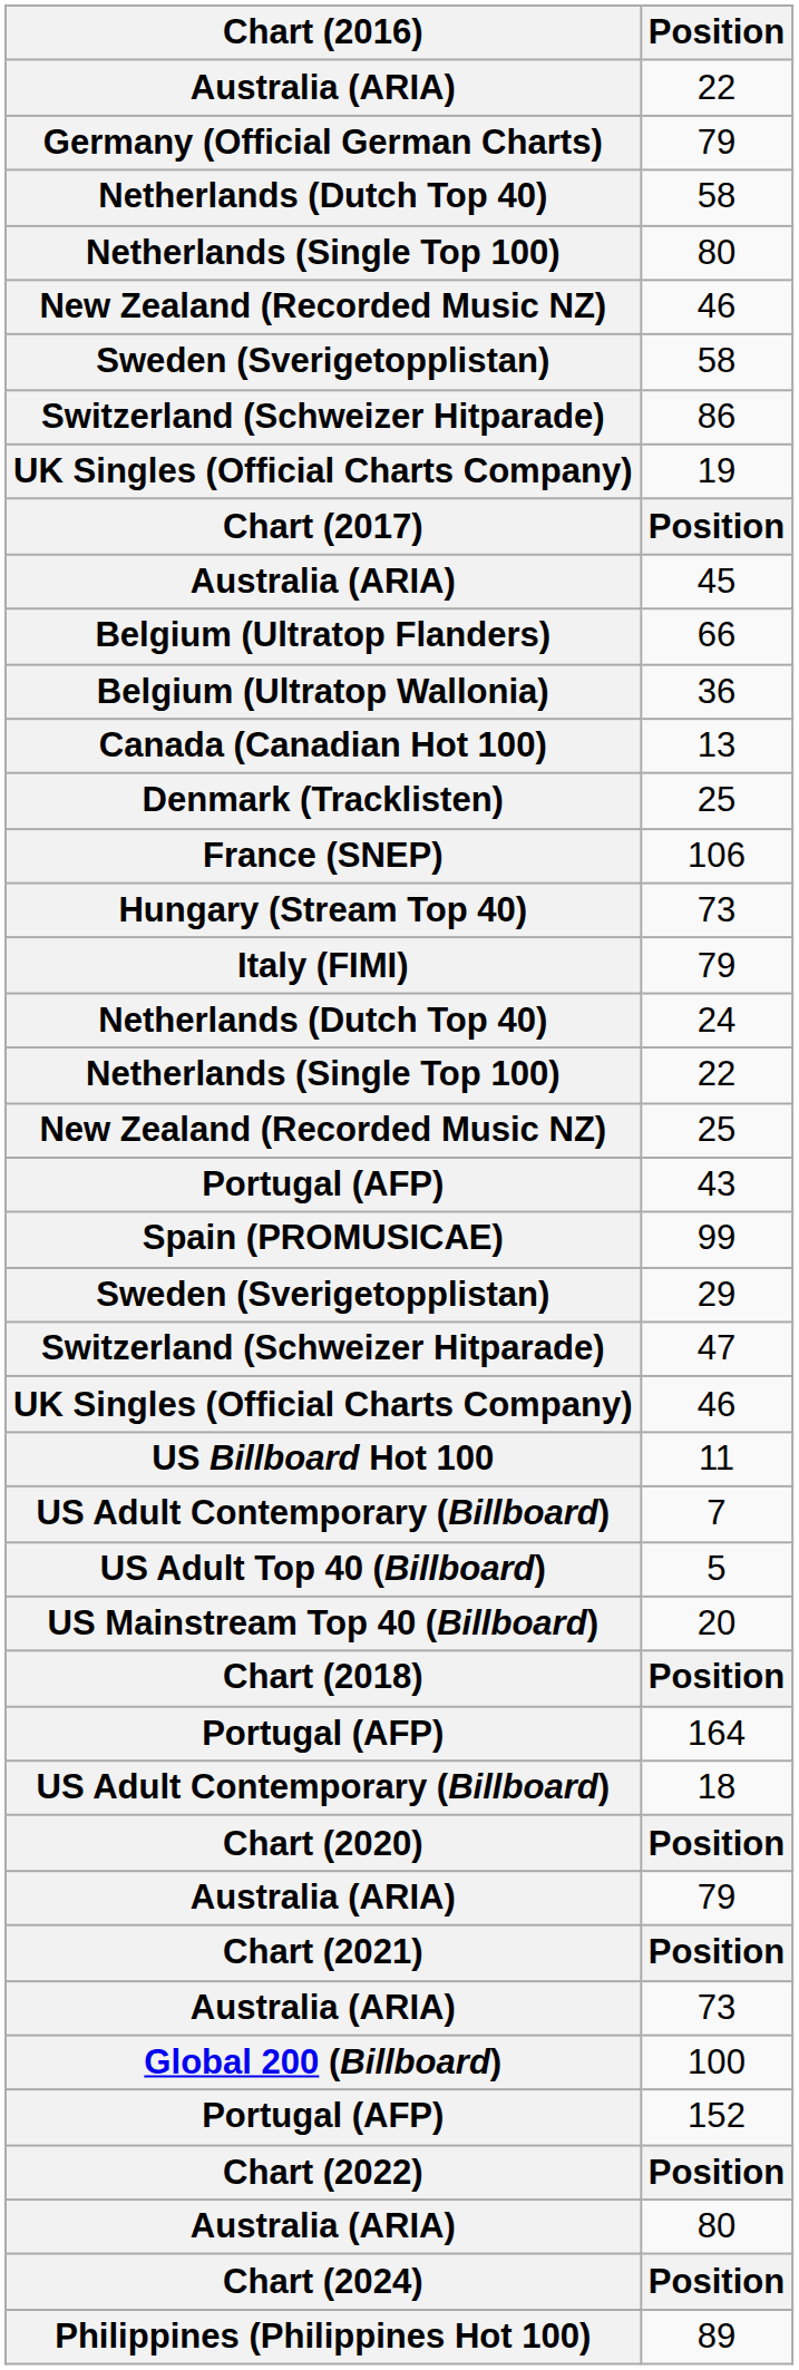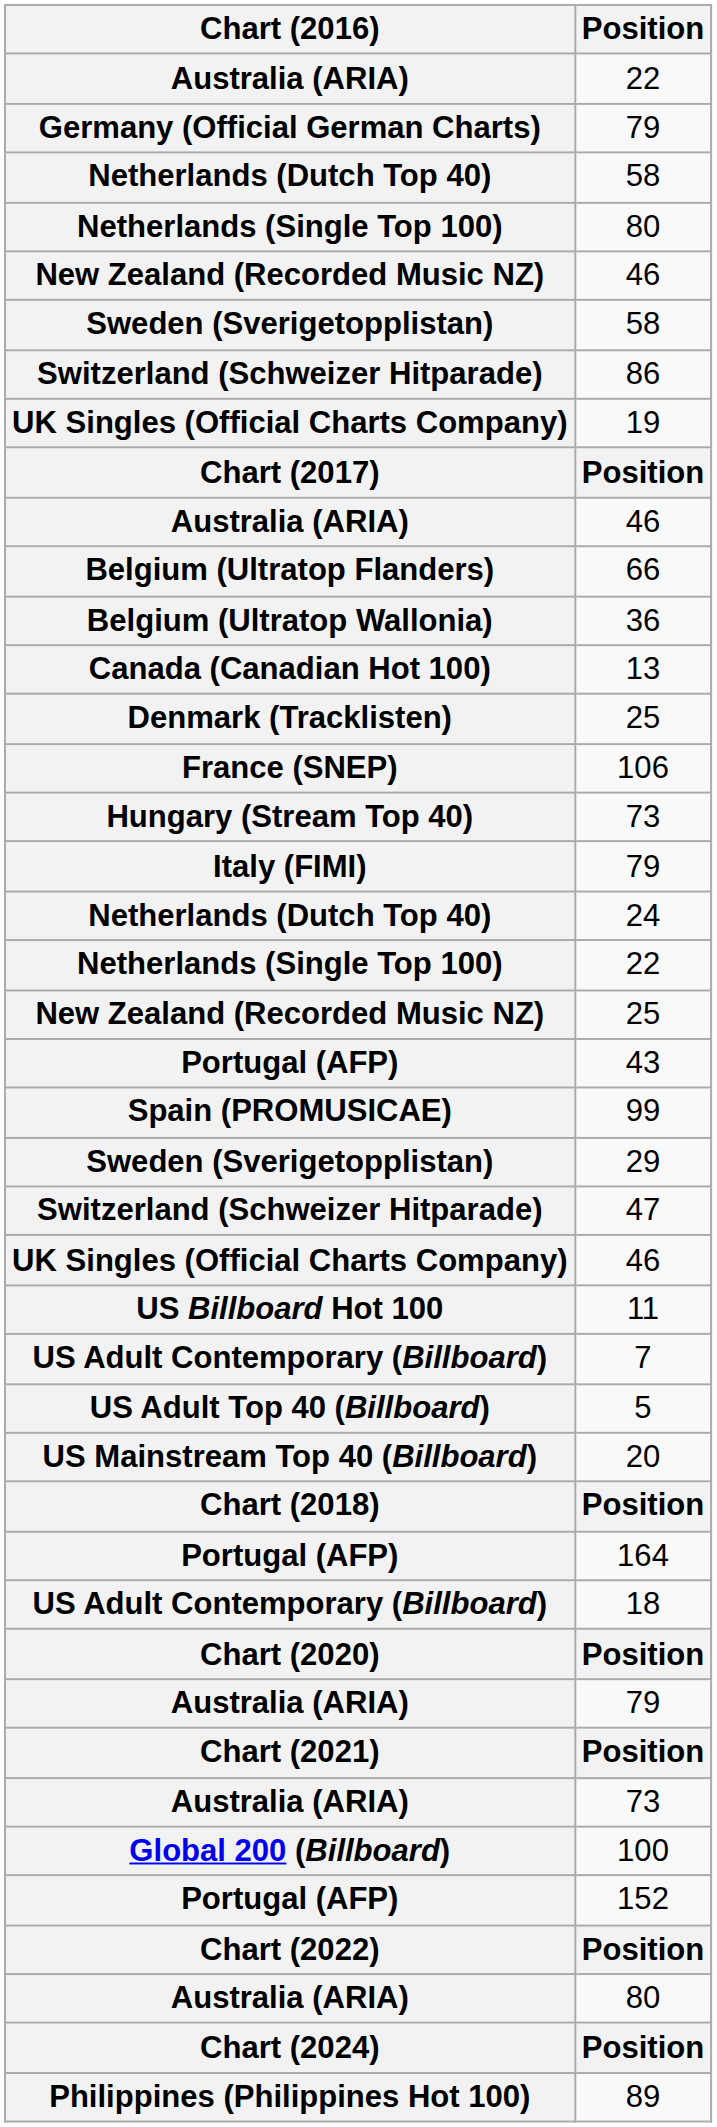 <table class="wikitable sortable plainrowheaders" style="text-align:center">
 <tr>
 <th scope="col">Chart (2016)</th>
 <th scope="col">Position</th>
 </tr>
 <tr>
 <th scope="row">Australia (ARIA)</th>
 <td>22</td>
 </tr>
 <tr>
 <th scope="row">Germany (Official German Charts)</th>
 <td>79</td>
 </tr>
 <tr>
 <th scope="row">Netherlands (Dutch Top 40)</th>
 <td>58</td>
 </tr>
 <tr>
 <th scope="row">Netherlands (Single Top 100)</th>
 <td>80</td>
 </tr>
 <tr>
 <th scope="row">New Zealand (Recorded Music NZ)</th>
 <td>46</td>
 </tr>
 <tr>
 <th scope="row">Sweden (Sverigetopplistan)</th>
 <td>58</td>
 </tr>
 <tr>
 <th scope="row">Switzerland (Schweizer Hitparade)</th>
 <td>86</td>
 </tr>
 <tr>
 <th scope="row">UK Singles (Official Charts Company)</th>
 <td>19</td>
 </tr>
 <tr>
 <th>Chart (2017)</th>
 <th>Position</th>
 </tr>
 <tr>
 <th scope="row">Australia (ARIA)</th>
-<td>45</td>
+<td>46</td>
 </tr>
 <tr>
 <th scope="row">Belgium (Ultratop Flanders)</th>
 <td>66</td>
 </tr>
 <tr>
 <th scope="row">Belgium (Ultratop Wallonia)</th>
 <td>36</td>
 </tr>
 <tr>
 <th scope="row">Canada (Canadian Hot 100)</th>
 <td>13</td>
 </tr>
 <tr>
 <th scope="row">Denmark (Tracklisten)</th>
 <td>25</td>
 </tr>
 <tr>
 <th scope="row">France (SNEP)</th>
 <td>106</td>
 </tr>
 <tr>
 <th scope="row">Hungary (Stream Top 40)</th>
 <td>73</td>
 </tr>
 <tr>
 <th scope="row">Italy (FIMI)</th>
 <td>79</td>
 </tr>
 <tr>
 <th scope="row">Netherlands (Dutch Top 40)</th>
 <td>24</td>
 </tr>
 <tr>
 <th scope="row">Netherlands (Single Top 100)</th>
 <td>22</td>
 </tr>
 <tr>
 <th scope="row">New Zealand (Recorded Music NZ)</th>
 <td>25</td>
 </tr>
 <tr>
 <th scope="row">Portugal (AFP)</th>
 <td>43</td>
 </tr>
 <tr>
 <th scope="row">Spain (PROMUSICAE)</th>
 <td>99</td>
 </tr>
 <tr>
 <th scope="row">Sweden (Sverigetopplistan)</th>
 <td>29</td>
 </tr>
 <tr>
 <th scope="row">Switzerland (Schweizer Hitparade)</th>
 <td>47</td>
 </tr>
 <tr>
 <th scope="row">UK Singles (Official Charts Company)</th>
 <td>46</td>
 </tr>
 <tr>
 <th scope="row">US <em>Billboard</em> Hot 100</th>
 <td>11</td>
 </tr>
 <tr>
 <th scope="row">US Adult Contemporary (<em>Billboard</em>)</th>
 <td>7</td>
 </tr>
 <tr>
 <th scope="row">US Adult Top 40 (<em>Billboard</em>)</th>
 <td>5</td>
 </tr>
 <tr>
 <th scope="row">US Mainstream Top 40 (<em>Billboard</em>)</th>
 <td>20</td>
 </tr>
 <tr>
 <th scope="col">Chart (2018)</th>
 <th scope="col">Position</th>
 </tr>
 <tr>
 <th scope="row">Portugal (AFP)</th>
 <td>164</td>
 </tr>
 <tr>
 <th scope="row">US Adult Contemporary (<em>Billboard</em>)</th>
 <td>18</td>
 </tr>
 <tr>
 <th scope="col">Chart (2020)</th>
 <th scope="col">Position</th>
 </tr>
 <tr>
 <th scope="row">Australia (ARIA)</th>
 <td>79</td>
 </tr>
 <tr>
 <th scope="col">Chart (2021)</th>
 <th scope="col">Position</th>
 </tr>
 <tr>
 <th scope="row">Australia (ARIA)</th>
 <td>73</td>
 </tr>
 <tr>
 <th scope="row"><a href='#'>Global 200</a> (<em>Billboard</em>)</th>
 <td>100</td>
 </tr>
 <tr>
 <th scope="row">Portugal (AFP)</th>
 <td>152</td>
 </tr>
 <tr>
 <th scope="col">Chart (2022)</th>
 <th scope="col">Position</th>
 </tr>
 <tr>
 <th scope="row">Australia (ARIA)</th>
 <td>80</td>
 </tr>
 <tr>
 <th scope="col">Chart (2024)</th>
 <th scope="col">Position</th>
 </tr>
 <tr>
 <th scope="row">Philippines (Philippines Hot 100)</th>
 <td>89</td>
 </tr>
 </table>
